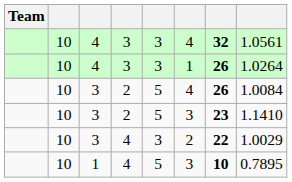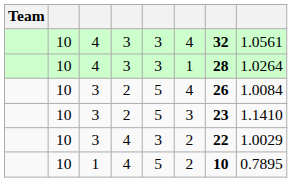 <table class="wikitable" style="text-align:center;">
 <tr>
 <th>Team</th>
 <th style="width:25px"></th>
 <th style="width:25px"></th>
 <th style="width:25px"></th>
 <th style="width:25px"></th>
 <th style="width:25px"></th>
 <th style="width:25px"></th>
 <th style="width:40px"></th>
 </tr>
 <tr style="background:#cfc">
 <td style="text-align:left;"></td>
 <td>10</td>
 <td>4</td>
 <td>3</td>
 <td>3</td>
 <td>4</td>
 <td><strong>32</strong></td>
 <td>1.0561</td>
 </tr>
 <tr style="background:#cfc">
 <td style="text-align:left;"></td>
 <td>10</td>
 <td>4</td>
 <td>3</td>
 <td>3</td>
 <td>1</td>
-<td><strong>26</strong></td>
+<td><strong>28</strong></td>
 <td>1.0264</td>
 </tr>
 <tr>
 <td style="text-align:left;"></td>
 <td>10</td>
 <td>3</td>
 <td>2</td>
 <td>5</td>
 <td>4</td>
 <td><strong>26</strong></td>
 <td>1.0084</td>
 </tr>
 <tr>
 <td style="text-align:left;"></td>
 <td>10</td>
 <td>3</td>
 <td>2</td>
 <td>5</td>
 <td>3</td>
 <td><strong>23</strong></td>
 <td>1.1410</td>
 </tr>
 <tr>
 <td style="text-align:left;"></td>
 <td>10</td>
 <td>3</td>
 <td>4</td>
 <td>3</td>
 <td>2</td>
 <td><strong>22</strong></td>
 <td>1.0029</td>
 </tr>
 <tr>
 <td style="text-align:left;"></td>
 <td>10</td>
 <td>1</td>
 <td>4</td>
 <td>5</td>
-<td>3</td>
+<td>2</td>
 <td><strong>10</strong></td>
 <td>0.7895</td>
 </tr>
 </table>
